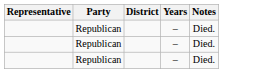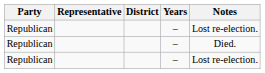 <table class="wikitable sortable" style="text-align:center">
 <tr valign=bottom>
+<th>Party</th>
 <th>Representative</th>
-<th>Party</th>
 <th>District</th>
 <th>Years</th>
 <th>Notes</th>
 </tr>
 <tr>
+<td>Republican</td>
 <td align=left></td>
+<td></td>
+<td nowrap> –<br></td>
+<td>Lost re-election.</td>
+</tr>
+<tr>
 <td>Republican</td>
+<td align=left></td>
 <td></td>
 <td nowrap> –<br></td>
 <td>Died.</td>
 </tr>
 <tr>
+<td>Republican</td>
 <td align=left></td>
-<td>Republican</td>
 <td></td>
 <td nowrap> –<br></td>
-<td>Died.</td>
-</tr>
-<tr>
-<td align=left></td>
-<td>Republican</td>
-<td></td>
-<td nowrap> –<br></td>
-<td>Died.</td>
+<td>Lost re-election.</td>
 </tr>
 </table>
